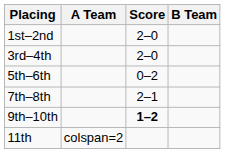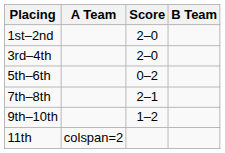 <table class=wikitable style="border:1px solid #AAAAAA;">
 <tr>
 <th>Placing</th>
 <th>A Team</th>
 <th>Score</th>
 <th>B Team</th>
 </tr>
 <tr>
 <td>1st–2nd</td>
 <td><strong></strong></td>
 <td align="center">2–0</td>
 <td></td>
 </tr>
 <tr>
 <td>3rd–4th</td>
 <td><strong></strong></td>
 <td align="center">2–0</td>
 <td></td>
 </tr>
 <tr>
 <td>5th–6th</td>
 <td></td>
 <td align="center">0–2</td>
 <td><strong></strong></td>
 </tr>
 <tr>
 <td>7th–8th</td>
 <td><strong></strong></td>
 <td align="center">2–1</td>
 <td></td>
 </tr>
 <tr>
 <td>9th–10th</td>
 <td></td>
-<td align="center"><strong>1–2</strong></td>
+<td align="center">1–2</td>
 <td><strong></strong></td>
 </tr>
 <tr>
 <td>11th</td>
 <td>colspan=2 </td>
 <td></td>
 </tr>
 </table>
